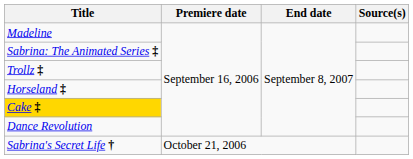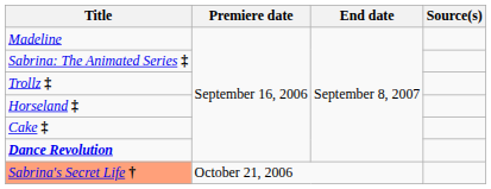 <table class="wikitable sortable">
 <tr>
 <th>Title</th>
 <th>Premiere date</th>
 <th>End date</th>
 <th>Source(s)</th>
 </tr>
 <tr>
 <td><em><a href='#'>Madeline</a></em></td>
 <td rowspan=6>September 16, 2006</td>
 <td rowspan=6>September 8, 2007</td>
 <td></td>
 </tr>
 <tr>
 <td><em><a href='#'>Sabrina: The Animated Series</a></em> <strong>‡</strong></td>
 <td></td>
 </tr>
 <tr>
 <td><em><a href='#'>Trollz</a></em> <strong>‡</strong></td>
 <td></td>
 </tr>
 <tr>
 <td><em><a href='#'>Horseland</a></em> <strong>‡</strong></td>
 <td></td>
 </tr>
 <tr>
-<td style="background: gold;"><em><a href='#'>Cake</a></em> <strong>‡</strong></td>
+<td><em><a href='#'>Cake</a></em> <strong>‡</strong></td>
 <td></td>
 </tr>
 <tr>
-<td><em><a href='#'>Dance Revolution</a></em></td>
+<td><strong><em><a href='#'>Dance Revolution</a></em></strong></td>
 <td></td>
 </tr>
 <tr>
-<td><em><a href='#'>Sabrina's Secret Life</a></em> <strong>†</strong></td>
+<td style="background: lightsalmon;"><em><a href='#'>Sabrina's Secret Life</a></em> <strong>†</strong></td>
 <td colspan=2>October 21, 2006</td>
 <td></td>
 </tr>
 </table>
